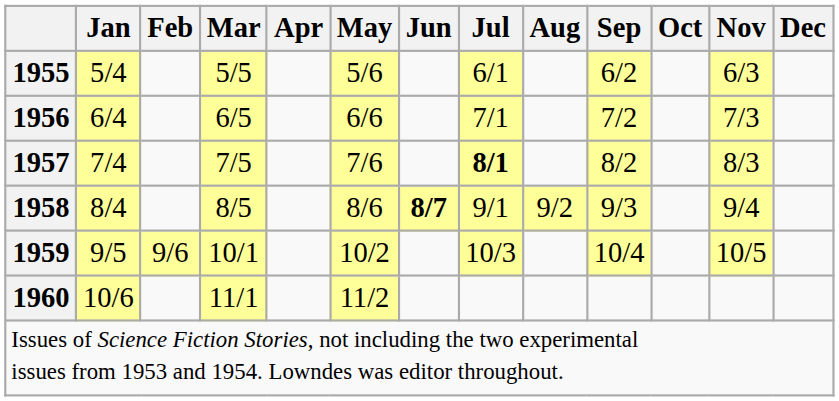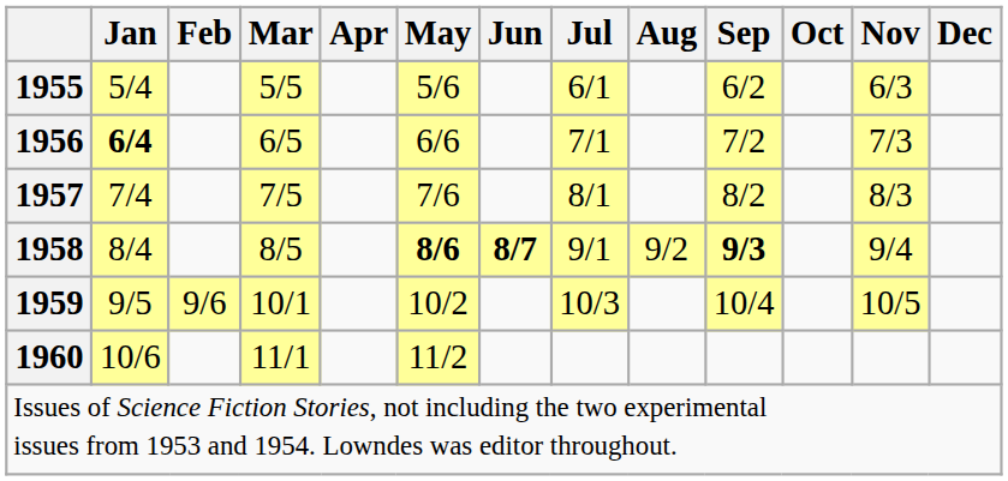 <table class="wikitable" style="font-size: 10pt; line-height: 11pt; margin-left: 2em; text-align: center; float: right">
 <tr>
 <th></th>
 <th>Jan</th>
 <th>Feb</th>
 <th>Mar</th>
 <th>Apr</th>
 <th>May</th>
 <th>Jun</th>
 <th>Jul</th>
 <th>Aug</th>
 <th>Sep</th>
 <th>Oct</th>
 <th>Nov</th>
 <th>Dec</th>
 </tr>
 <tr>
 <th>1955</th>
 <td style="background-color:#ffff99">5/4</td>
 <td></td>
 <td style="background-color:#ffff99">5/5</td>
 <td></td>
 <td style="background-color:#ffff99">5/6</td>
 <td></td>
 <td style="background-color:#ffff99">6/1</td>
 <td></td>
 <td style="background-color:#ffff99">6/2</td>
 <td></td>
 <td style="background-color:#ffff99">6/3</td>
 <td></td>
 </tr>
 <tr>
 <th>1956</th>
-<td style="background-color:#ffff99">6/4</td>
+<td style="background-color:#ffff99"><strong>6/4</strong></td>
 <td></td>
 <td style="background-color:#ffff99">6/5</td>
 <td></td>
 <td style="background-color:#ffff99">6/6</td>
 <td></td>
 <td style="background-color:#ffff99">7/1</td>
 <td></td>
 <td style="background-color:#ffff99">7/2</td>
 <td></td>
 <td style="background-color:#ffff99">7/3</td>
 <td></td>
 </tr>
 <tr>
 <th>1957</th>
 <td style="background-color:#ffff99">7/4</td>
 <td></td>
 <td style="background-color:#ffff99">7/5</td>
 <td></td>
 <td style="background-color:#ffff99">7/6</td>
 <td></td>
-<td style="background-color:#ffff99"><strong>8/1</strong></td>
+<td style="background-color:#ffff99">8/1</td>
 <td></td>
 <td style="background-color:#ffff99">8/2</td>
 <td></td>
 <td style="background-color:#ffff99">8/3</td>
 <td></td>
 </tr>
 <tr>
 <th>1958</th>
 <td style="background-color:#ffff99">8/4</td>
 <td></td>
 <td style="background-color:#ffff99">8/5</td>
 <td></td>
-<td style="background-color:#ffff99">8/6</td>
+<td style="background-color:#ffff99"><strong>8/6</strong></td>
 <td style="background-color:#ffff99"><strong>8/7</strong></td>
 <td style="background-color:#ffff99">9/1</td>
 <td style="background-color:#ffff99">9/2</td>
-<td style="background-color:#ffff99">9/3</td>
+<td style="background-color:#ffff99"><strong>9/3</strong></td>
 <td></td>
 <td style="background-color:#ffff99">9/4</td>
 <td></td>
 </tr>
 <tr>
 <th>1959</th>
 <td style="background-color:#ffff99">9/5</td>
 <td style="background-color:#ffff99">9/6</td>
 <td style="background-color:#ffff99">10/1</td>
 <td></td>
 <td style="background-color:#ffff99">10/2</td>
 <td></td>
 <td style="background-color:#ffff99">10/3</td>
 <td></td>
 <td style="background-color:#ffff99">10/4</td>
 <td></td>
 <td style="background-color:#ffff99">10/5</td>
 <td></td>
 </tr>
 <tr>
 <th>1960</th>
 <td style="background-color:#ffff99">10/6</td>
 <td></td>
 <td style="background-color:#ffff99">11/1</td>
 <td></td>
 <td style="background-color:#ffff99">11/2</td>
 <td></td>
 <td></td>
 <td></td>
 <td></td>
 <td></td>
 <td></td>
 <td></td>
 </tr>
 <tr>
 <td colspan="13" style="font-size: 8pt; text-align:left">Issues of <em>Science Fiction Stories</em>, not including the two experimental<br>issues from 1953 and 1954.  Lowndes was editor throughout.</td>
 </tr>
 </table>
